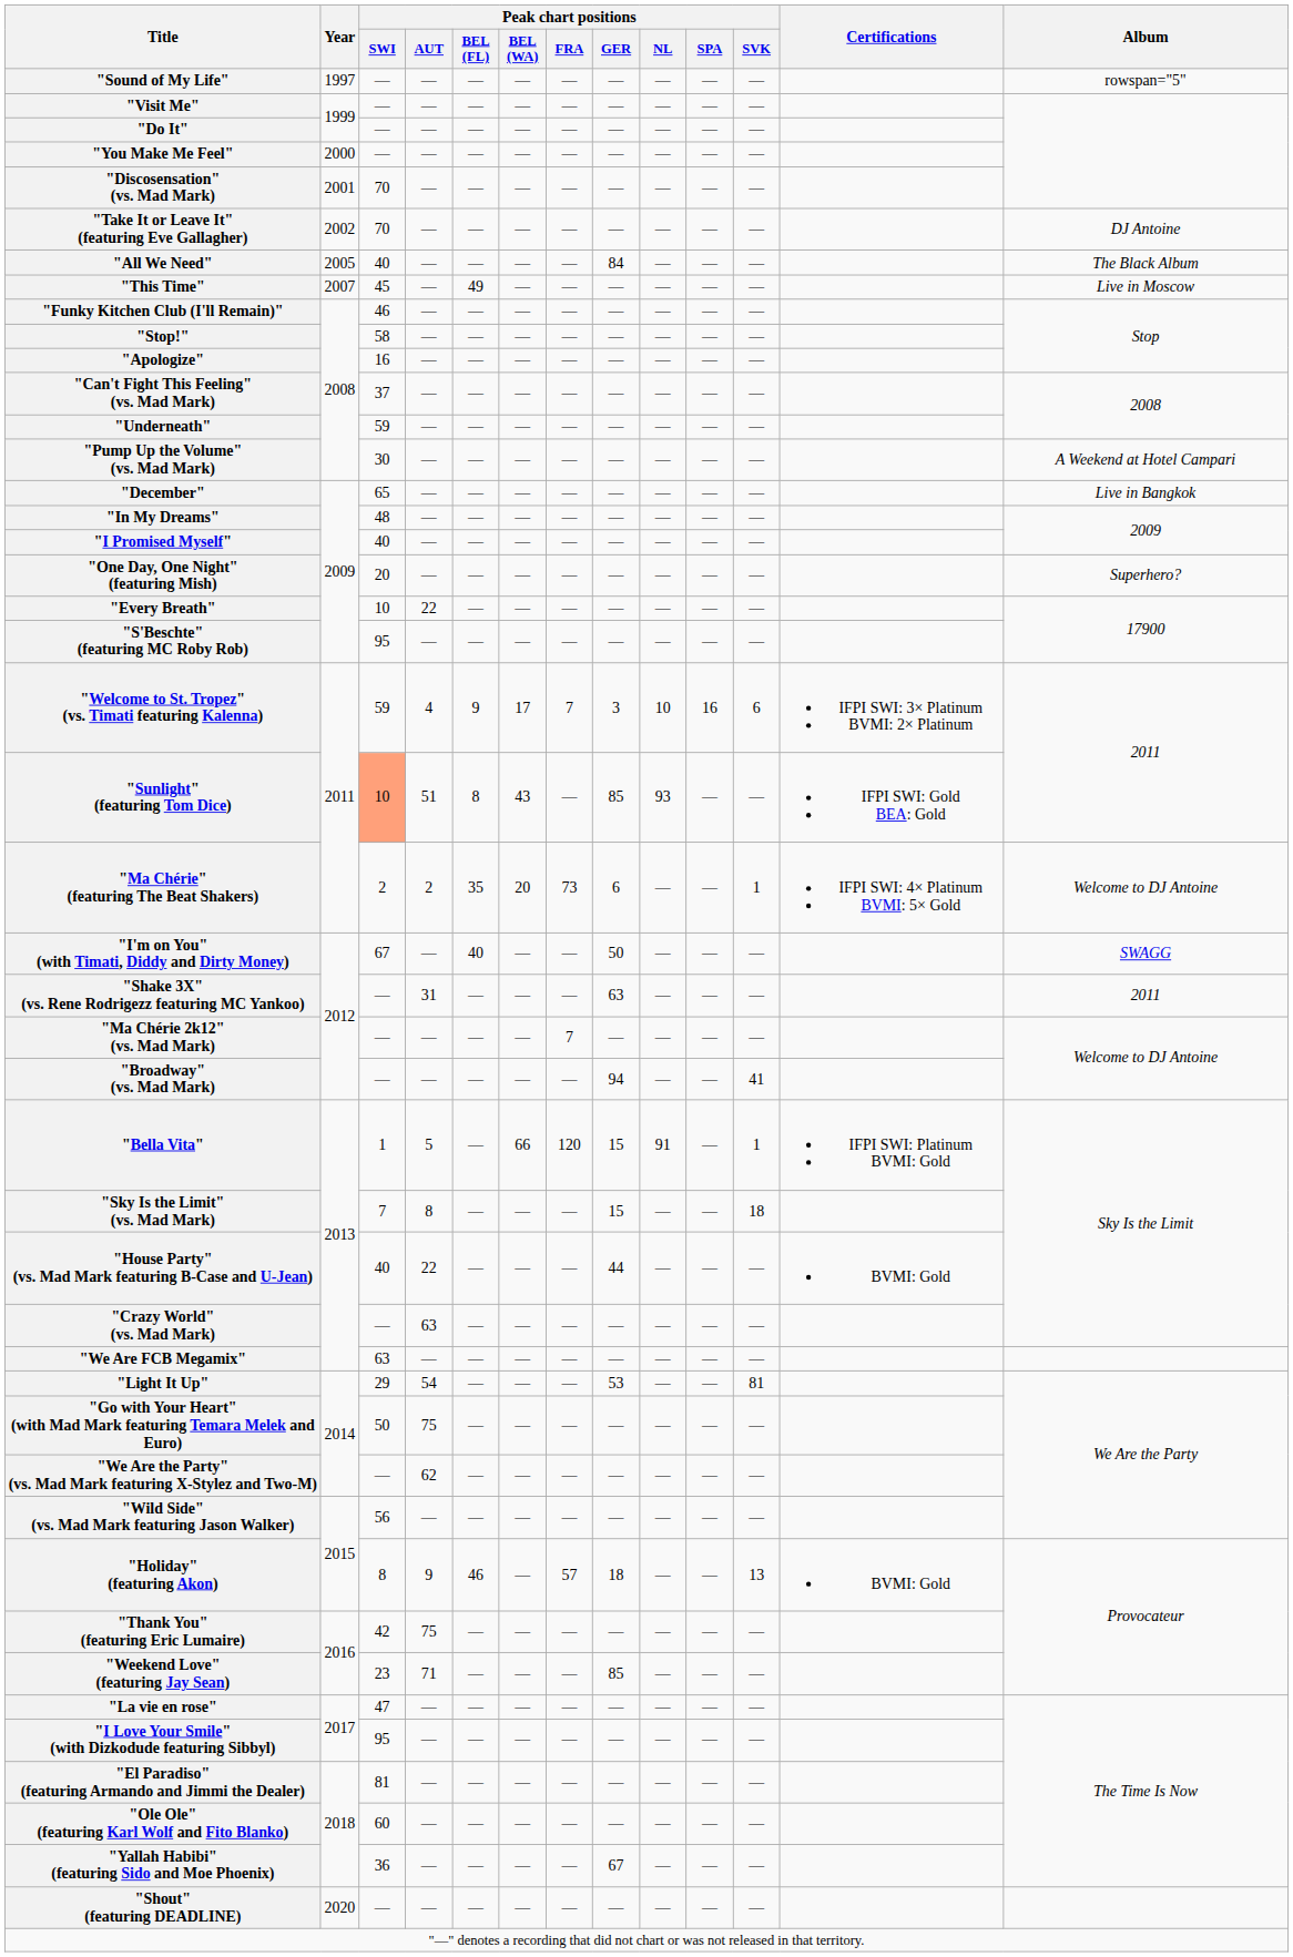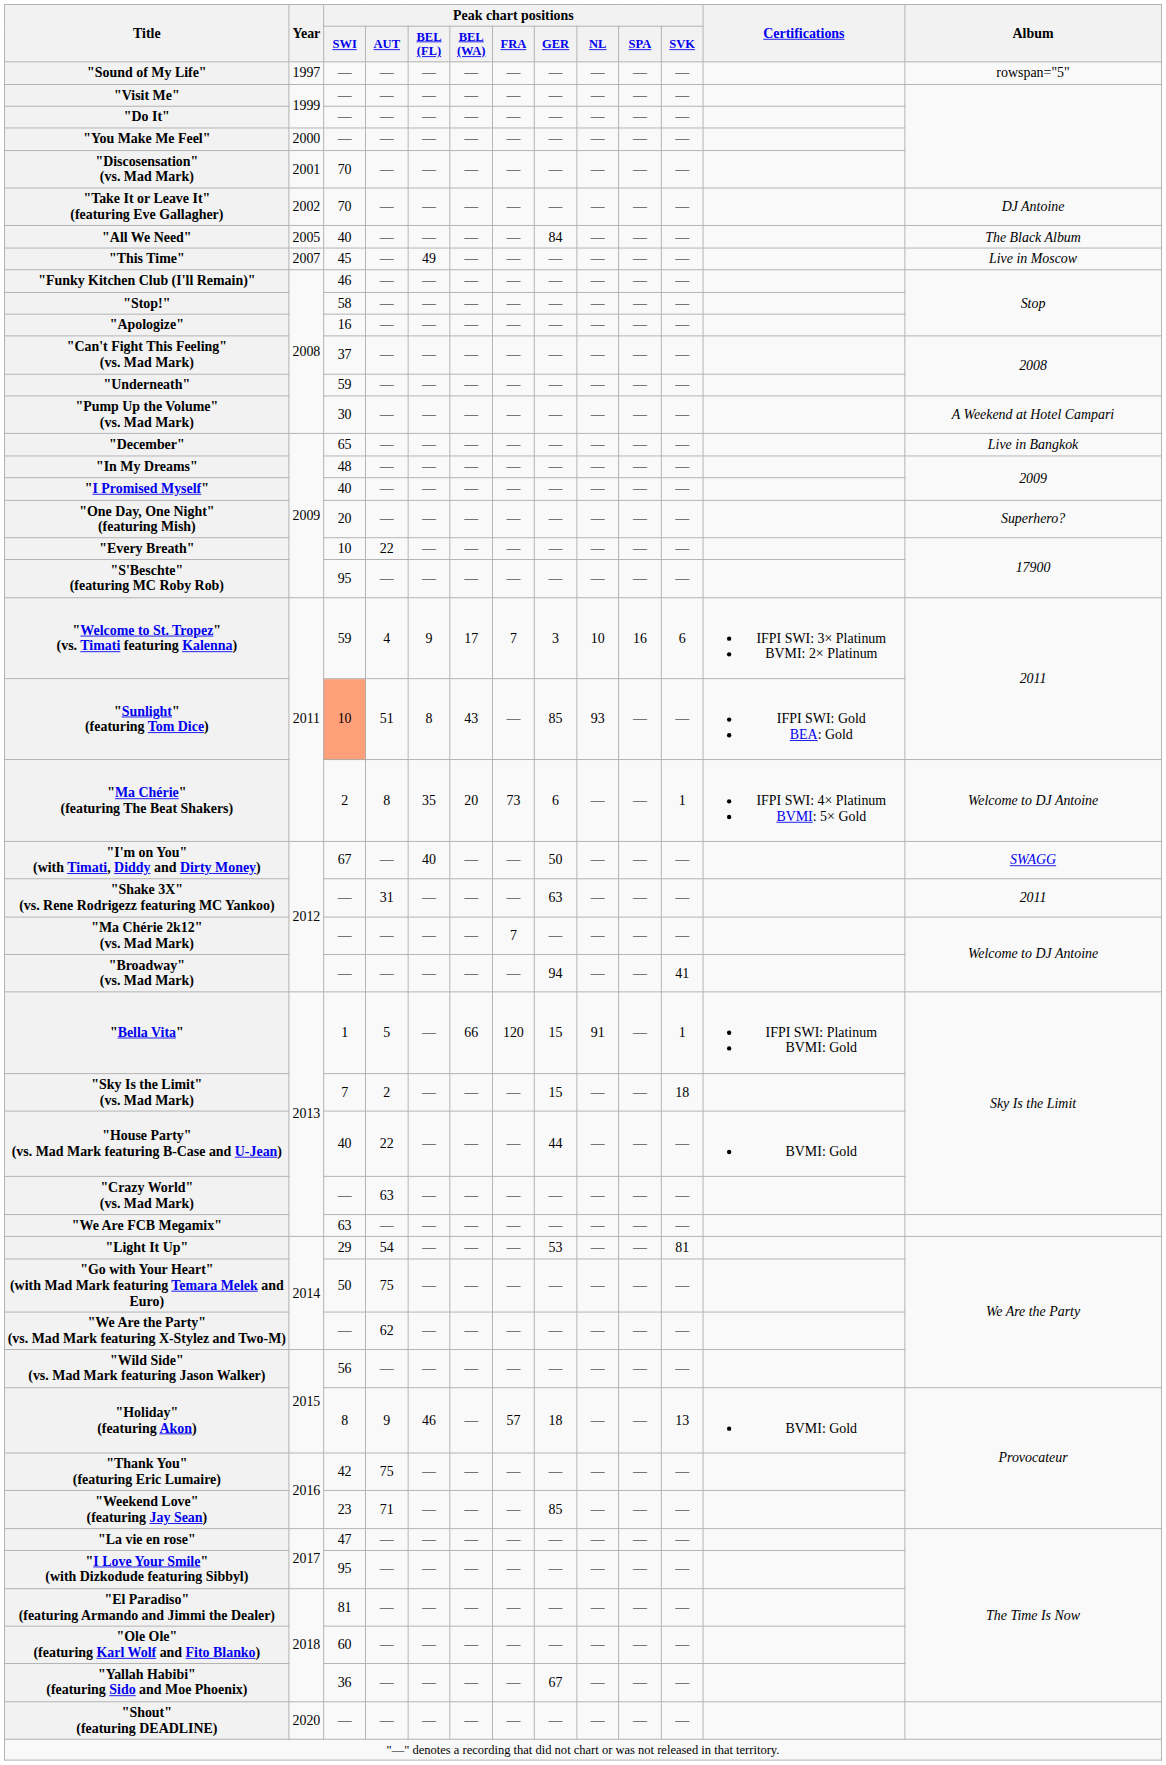 <table class="wikitable plainrowheaders" style="text-align:center;" border="1">
 <tr>
 <th scope="col" rowspan="2" style="width:20em;">Title</th>
 <th scope="col" rowspan="2" style="width:1em;">Year</th>
 <th scope="col" colspan="9">Peak chart positions</th>
 <th scope="col" rowspan="2" style="width:14em;"><a href='#'>Certifications</a></th>
 <th scope="col" rowspan="2" style="width:18em;">Album</th>
 </tr>
 <tr>
 <th scope="col" style="width:2.9em;font-size:90%;"><a href='#'>SWI</a><br></th>
 <th scope="col" style="width:2.9em;font-size:90%;"><a href='#'>AUT</a><br></th>
 <th scope="col" style="width:2.9em;font-size:90%;"><a href='#'>BEL<br>(FL)</a><br></th>
 <th scope="col" style="width:2.9em;font-size:90%;"><a href='#'>BEL<br>(WA)</a><br></th>
 <th scope="col" style="width:2.9em;font-size:90%;"><a href='#'>FRA</a><br></th>
 <th scope="col" style="width:2.9em;font-size:90%;"><a href='#'>GER</a><br></th>
 <th scope="col" style="width:2.9em;font-size:90%;"><a href='#'>NL</a><br></th>
 <th scope="col" style="width:2.9em;font-size:90%;"><a href='#'>SPA</a><br></th>
 <th scope="col" style="width:2.9em;font-size:90%;"><a href='#'>SVK</a><br></th>
 </tr>
 <tr>
 <th scope="row">"Sound of My Life"</th>
 <td>1997</td>
 <td>—</td>
 <td>—</td>
 <td>—</td>
 <td>—</td>
 <td>—</td>
 <td>—</td>
 <td>—</td>
 <td>—</td>
 <td>—</td>
 <td></td>
 <td>rowspan="5" </td>
 </tr>
 <tr>
 <th scope="row">"Visit Me"</th>
 <td rowspan="2">1999</td>
 <td>—</td>
 <td>—</td>
 <td>—</td>
 <td>—</td>
 <td>—</td>
 <td>—</td>
 <td>—</td>
 <td>—</td>
 <td>—</td>
 <td></td>
 </tr>
 <tr>
 <th scope="row">"Do It"</th>
 <td>—</td>
 <td>—</td>
 <td>—</td>
 <td>—</td>
 <td>—</td>
 <td>—</td>
 <td>—</td>
 <td>—</td>
 <td>—</td>
 <td></td>
 </tr>
 <tr>
 <th scope="row">"You Make Me Feel"</th>
 <td>2000</td>
 <td>—</td>
 <td>—</td>
 <td>—</td>
 <td>—</td>
 <td>—</td>
 <td>—</td>
 <td>—</td>
 <td>—</td>
 <td>—</td>
 <td></td>
 </tr>
 <tr>
 <th scope="row">"Discosensation"<br><span>(vs. Mad Mark)</span></th>
 <td>2001</td>
 <td>70</td>
 <td>—</td>
 <td>—</td>
 <td>—</td>
 <td>—</td>
 <td>—</td>
 <td>—</td>
 <td>—</td>
 <td>—</td>
 <td></td>
 </tr>
 <tr>
 <th scope="row">"Take It or Leave It"<br><span>(featuring Eve Gallagher)</span></th>
 <td>2002</td>
 <td>70</td>
 <td>—</td>
 <td>—</td>
 <td>—</td>
 <td>—</td>
 <td>—</td>
 <td>—</td>
 <td>—</td>
 <td>—</td>
 <td></td>
 <td><em>DJ Antoine</em></td>
 </tr>
 <tr>
 <th scope="row">"All We Need"</th>
 <td>2005</td>
 <td>40</td>
 <td>—</td>
 <td>—</td>
 <td>—</td>
 <td>—</td>
 <td>84</td>
 <td>—</td>
 <td>—</td>
 <td>—</td>
 <td></td>
 <td><em>The Black Album</em></td>
 </tr>
 <tr>
 <th scope="row">"This Time"</th>
 <td>2007</td>
 <td>45</td>
 <td>—</td>
 <td>49</td>
 <td>—</td>
 <td>—</td>
 <td>—</td>
 <td>—</td>
 <td>—</td>
 <td>—</td>
 <td></td>
 <td><em>Live in Moscow</em></td>
 </tr>
 <tr>
 <th scope="row">"Funky Kitchen Club (I'll Remain)"</th>
 <td rowspan="6">2008</td>
 <td>46</td>
 <td>—</td>
 <td>—</td>
 <td>—</td>
 <td>—</td>
 <td>—</td>
 <td>—</td>
 <td>—</td>
 <td>—</td>
 <td></td>
 <td rowspan="3"><em>Stop</em></td>
 </tr>
 <tr>
 <th scope="row">"Stop!"</th>
 <td>58</td>
 <td>—</td>
 <td>—</td>
 <td>—</td>
 <td>—</td>
 <td>—</td>
 <td>—</td>
 <td>—</td>
 <td>—</td>
 <td></td>
 </tr>
 <tr>
 <th scope="row">"Apologize"</th>
 <td>16</td>
 <td>—</td>
 <td>—</td>
 <td>—</td>
 <td>—</td>
 <td>—</td>
 <td>—</td>
 <td>—</td>
 <td>—</td>
 <td></td>
 </tr>
 <tr>
 <th scope="row">"Can't Fight This Feeling"<br><span>(vs. Mad Mark)</span></th>
 <td>37</td>
 <td>—</td>
 <td>—</td>
 <td>—</td>
 <td>—</td>
 <td>—</td>
 <td>—</td>
 <td>—</td>
 <td>—</td>
 <td></td>
 <td rowspan="2"><em>2008</em></td>
 </tr>
 <tr>
 <th scope="row">"Underneath"</th>
 <td>59</td>
 <td>—</td>
 <td>—</td>
 <td>—</td>
 <td>—</td>
 <td>—</td>
 <td>—</td>
 <td>—</td>
 <td>—</td>
 <td></td>
 </tr>
 <tr>
 <th scope="row">"Pump Up the Volume"<br><span>(vs. Mad Mark)</span></th>
 <td>30</td>
 <td>—</td>
 <td>—</td>
 <td>—</td>
 <td>—</td>
 <td>—</td>
 <td>—</td>
 <td>—</td>
 <td>—</td>
 <td></td>
 <td><em>A Weekend at Hotel Campari</em></td>
 </tr>
 <tr>
 <th scope="row">"December"</th>
 <td rowspan="6">2009</td>
 <td>65</td>
 <td>—</td>
 <td>—</td>
 <td>—</td>
 <td>—</td>
 <td>—</td>
 <td>—</td>
 <td>—</td>
 <td>—</td>
 <td></td>
 <td><em>Live in Bangkok</em></td>
 </tr>
 <tr>
 <th scope="row">"In My Dreams"</th>
 <td>48</td>
 <td>—</td>
 <td>—</td>
 <td>—</td>
 <td>—</td>
 <td>—</td>
 <td>—</td>
 <td>—</td>
 <td>—</td>
 <td></td>
 <td rowspan="2"><em>2009</em></td>
 </tr>
 <tr>
 <th scope="row">"<a href='#'>I Promised Myself</a>"</th>
 <td>40</td>
 <td>—</td>
 <td>—</td>
 <td>—</td>
 <td>—</td>
 <td>—</td>
 <td>—</td>
 <td>—</td>
 <td>—</td>
 <td></td>
 </tr>
 <tr>
 <th scope="row">"One Day, One Night"<br><span>(featuring Mish)</span></th>
 <td>20</td>
 <td>—</td>
 <td>—</td>
 <td>—</td>
 <td>—</td>
 <td>—</td>
 <td>—</td>
 <td>—</td>
 <td>—</td>
 <td></td>
 <td><em>Superhero?</em></td>
 </tr>
 <tr>
 <th scope="row">"Every Breath"</th>
 <td>10</td>
 <td>22</td>
 <td>—</td>
 <td>—</td>
 <td>—</td>
 <td>—</td>
 <td>—</td>
 <td>—</td>
 <td>—</td>
 <td></td>
 <td rowspan="2"><em>17900</em></td>
 </tr>
 <tr>
 <th scope="row">"S'Beschte"<br><span>(featuring MC Roby Rob)</span></th>
 <td>95</td>
 <td>—</td>
 <td>—</td>
 <td>—</td>
 <td>—</td>
 <td>—</td>
 <td>—</td>
 <td>—</td>
 <td>—</td>
 <td></td>
 </tr>
 <tr>
 <th scope="row">"<a href='#'>Welcome to St. Tropez</a>"<br><span>(vs. <a href='#'>Timati</a> featuring <a href='#'>Kalenna</a>)</span></th>
 <td rowspan="3">2011</td>
 <td>59</td>
 <td>4</td>
 <td>9</td>
 <td>17</td>
 <td>7</td>
 <td>3</td>
 <td>10</td>
 <td>16</td>
 <td>6</td>
 <td><br><ul><li>IFPI SWI: 3× Platinum</li><li>BVMI: 2× Platinum</li></ul></td>
 <td rowspan="2"><em>2011</em></td>
 </tr>
 <tr>
 <th scope="row">"<a href='#'>Sunlight</a>"<br><span>(featuring <a href='#'>Tom Dice</a>)</span></th>
 <td style="background: lightsalmon;">10</td>
 <td>51</td>
 <td>8</td>
 <td>43</td>
 <td>—</td>
 <td>85</td>
 <td>93</td>
 <td>—</td>
 <td>—</td>
 <td><br><ul><li>IFPI SWI: Gold</li><li><a href='#'>BEA</a>: Gold</li></ul></td>
 </tr>
 <tr>
 <th scope="row">"<a href='#'>Ma Chérie</a>"<br><span>(featuring The Beat Shakers)</span></th>
 <td>2</td>
-<td>2</td>
+<td>8</td>
 <td>35</td>
 <td>20</td>
 <td>73</td>
 <td>6</td>
 <td>—</td>
 <td>—</td>
 <td>1</td>
 <td><br><ul><li>IFPI SWI: 4× Platinum</li><li><a href='#'>BVMI</a>: 5× Gold</li></ul></td>
 <td><em>Welcome to DJ Antoine</em></td>
 </tr>
 <tr>
 <th scope="row">"I'm on You"<br><span>(with <a href='#'>Timati</a>, <a href='#'>Diddy</a> and <a href='#'>Dirty Money</a>)</span></th>
 <td rowspan="4">2012</td>
 <td>67</td>
 <td>—</td>
 <td>40</td>
 <td>—</td>
 <td>—</td>
 <td>50</td>
 <td>—</td>
 <td>—</td>
 <td>—</td>
 <td></td>
 <td><em><a href='#'>SWAGG</a></em></td>
 </tr>
 <tr>
 <th scope="row">"Shake 3X"<br><span>(vs. Rene Rodrigezz featuring MC Yankoo)</span></th>
 <td>—</td>
 <td>31</td>
 <td>—</td>
 <td>—</td>
 <td>—</td>
 <td>63</td>
 <td>—</td>
 <td>—</td>
 <td>—</td>
 <td></td>
 <td><em>2011</em></td>
 </tr>
 <tr>
 <th scope="row">"Ma Chérie 2k12"<br><span>(vs. Mad Mark)</span></th>
 <td>—</td>
 <td>—</td>
 <td>—</td>
 <td>—</td>
 <td>7</td>
 <td>—</td>
 <td>—</td>
 <td>—</td>
 <td>—</td>
 <td></td>
 <td rowspan="2"><em>Welcome to DJ Antoine</em></td>
 </tr>
 <tr>
 <th scope="row">"Broadway"<br><span>(vs. Mad Mark)</span></th>
 <td>—</td>
 <td>—</td>
 <td>—</td>
 <td>—</td>
 <td>—</td>
 <td>94</td>
 <td>—</td>
 <td>—</td>
 <td>41</td>
 <td></td>
 </tr>
 <tr>
 <th scope="row">"<a href='#'>Bella Vita</a>"</th>
 <td rowspan="5">2013</td>
 <td>1</td>
 <td>5</td>
 <td>—</td>
 <td>66</td>
 <td>120</td>
 <td>15</td>
 <td>91</td>
 <td>—</td>
 <td>1</td>
 <td><br><ul><li>IFPI SWI: Platinum</li><li>BVMI: Gold</li></ul></td>
 <td rowspan="4"><em>Sky Is the Limit</em></td>
 </tr>
 <tr>
 <th scope="row">"Sky Is the Limit"<br><span>(vs. Mad Mark)</span></th>
 <td>7</td>
-<td>8</td>
+<td>2</td>
 <td>—</td>
 <td>—</td>
 <td>—</td>
 <td>15</td>
 <td>—</td>
 <td>—</td>
 <td>18</td>
 <td></td>
 </tr>
 <tr>
 <th scope="row">"House Party"<br><span>(vs. Mad Mark featuring B-Case and <a href='#'>U-Jean</a>)</span></th>
 <td>40</td>
 <td>22</td>
 <td>—</td>
 <td>—</td>
 <td>—</td>
 <td>44</td>
 <td>—</td>
 <td>—</td>
 <td>—</td>
 <td><br><ul><li>BVMI: Gold</li></ul></td>
 </tr>
 <tr>
 <th scope="row">"Crazy World"<br><span>(vs. Mad Mark)</span></th>
 <td>—</td>
 <td>63</td>
 <td>—</td>
 <td>—</td>
 <td>—</td>
 <td>—</td>
 <td>—</td>
 <td>—</td>
 <td>—</td>
 <td></td>
 </tr>
 <tr>
 <th scope="row">"We Are FCB Megamix"</th>
 <td>63</td>
 <td>—</td>
 <td>—</td>
 <td>—</td>
 <td>—</td>
 <td>—</td>
 <td>—</td>
 <td>—</td>
 <td>—</td>
 <td></td>
 <td></td>
 </tr>
 <tr>
 <th scope="row">"Light It Up"</th>
 <td rowspan="3">2014</td>
 <td>29</td>
 <td>54</td>
 <td>—</td>
 <td>—</td>
 <td>—</td>
 <td>53</td>
 <td>—</td>
 <td>—</td>
 <td>81</td>
 <td></td>
 <td rowspan="4"><em>We Are the Party</em></td>
 </tr>
 <tr>
 <th scope="row">"Go with Your Heart"<br><span>(with Mad Mark featuring <a href='#'>Temara Melek</a> and Euro)</span></th>
 <td>50</td>
 <td>75</td>
 <td>—</td>
 <td>—</td>
 <td>—</td>
 <td>—</td>
 <td>—</td>
 <td>—</td>
 <td>—</td>
 <td></td>
 </tr>
 <tr>
 <th scope="row">"We Are the Party"<br><span>(vs. Mad Mark featuring X-Stylez and Two-M)</span></th>
 <td>—</td>
 <td>62</td>
 <td>—</td>
 <td>—</td>
 <td>—</td>
 <td>—</td>
 <td>—</td>
 <td>—</td>
 <td>—</td>
 <td></td>
 </tr>
 <tr>
 <th scope="row">"Wild Side"<br><span>(vs. Mad Mark featuring Jason Walker)</span></th>
 <td rowspan="2">2015</td>
 <td>56</td>
 <td>—</td>
 <td>—</td>
 <td>—</td>
 <td>—</td>
 <td>—</td>
 <td>—</td>
 <td>—</td>
 <td>—</td>
 <td></td>
 </tr>
 <tr>
 <th scope="row">"Holiday"<br><span>(featuring <a href='#'>Akon</a>)</span></th>
 <td>8</td>
 <td>9</td>
 <td>46</td>
 <td>—</td>
 <td>57</td>
 <td>18</td>
 <td>—</td>
 <td>—</td>
 <td>13</td>
 <td><br><ul><li>BVMI: Gold</li></ul></td>
 <td rowspan="3"><em>Provocateur</em></td>
 </tr>
 <tr>
 <th scope="row">"Thank You"<br><span>(featuring Eric Lumaire) </span></th>
 <td rowspan="2">2016</td>
 <td>42</td>
 <td>75</td>
 <td>—</td>
 <td>—</td>
 <td>—</td>
 <td>—</td>
 <td>—</td>
 <td>—</td>
 <td>—</td>
 <td></td>
 </tr>
 <tr>
 <th scope="row">"Weekend Love"<br><span>(featuring <a href='#'>Jay Sean</a>)</span></th>
 <td>23</td>
 <td>71</td>
 <td>—</td>
 <td>—</td>
 <td>—</td>
 <td>85</td>
 <td>—</td>
 <td>—</td>
 <td>—</td>
 <td></td>
 </tr>
 <tr>
 <th scope="row">"La vie en rose"</th>
 <td rowspan="2">2017</td>
 <td>47</td>
 <td>—</td>
 <td>—</td>
 <td>—</td>
 <td>—</td>
 <td>—</td>
 <td>—</td>
 <td>—</td>
 <td>—</td>
 <td></td>
 <td rowspan="5"><em>The Time Is Now</em></td>
 </tr>
 <tr>
 <th scope="row">"<a href='#'>I Love Your Smile</a>"<br><span>(with Dizkodude featuring Sibbyl)</span></th>
 <td>95</td>
 <td>—</td>
 <td>—</td>
 <td>—</td>
 <td>—</td>
 <td>—</td>
 <td>—</td>
 <td>—</td>
 <td>—</td>
 <td></td>
 </tr>
 <tr>
 <th scope="row">"El Paradiso"<br><span>(featuring Armando and Jimmi the Dealer)</span></th>
 <td rowspan="3">2018</td>
 <td>81</td>
 <td>—</td>
 <td>—</td>
 <td>—</td>
 <td>—</td>
 <td>—</td>
 <td>—</td>
 <td>—</td>
 <td>—</td>
 <td></td>
 </tr>
 <tr>
 <th scope="row">"Ole Ole"<br><span>(featuring <a href='#'>Karl Wolf</a> and <a href='#'>Fito Blanko</a>)</span></th>
 <td>60</td>
 <td>—</td>
 <td>—</td>
 <td>—</td>
 <td>—</td>
 <td>—</td>
 <td>—</td>
 <td>—</td>
 <td>—</td>
 <td></td>
 </tr>
 <tr>
 <th scope="row">"Yallah Habibi"<br><span>(featuring <a href='#'>Sido</a> and Moe Phoenix)</span></th>
 <td>36</td>
 <td>—</td>
 <td>—</td>
 <td>—</td>
 <td>—</td>
 <td>67</td>
 <td>—</td>
 <td>—</td>
 <td>—</td>
 <td></td>
 </tr>
 <tr>
 <th scope="row">"Shout"<br><span>(featuring DEADLINE)</span></th>
 <td rowspan="1">2020</td>
 <td>—</td>
 <td>—</td>
 <td>—</td>
 <td>—</td>
 <td>—</td>
 <td>—</td>
 <td>—</td>
 <td>—</td>
 <td>—</td>
 <td></td>
 <td></td>
 </tr>
 <tr>
 <td colspan="13" style="font-size:90%">"—" denotes a recording that did not chart or was not released in that territory.</td>
 </tr>
 </table>
